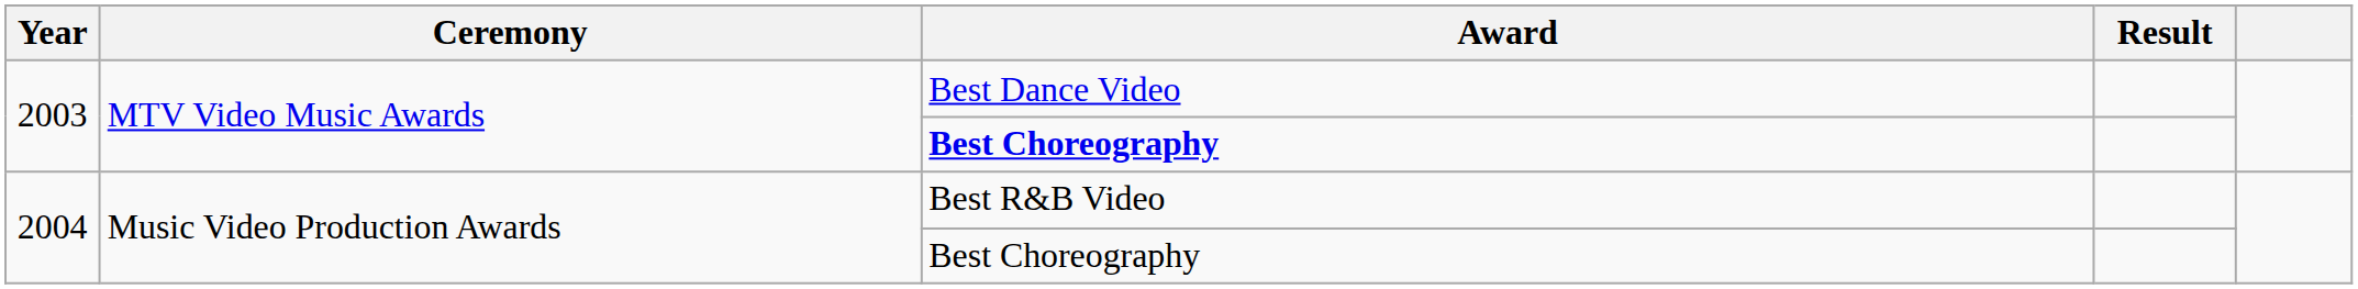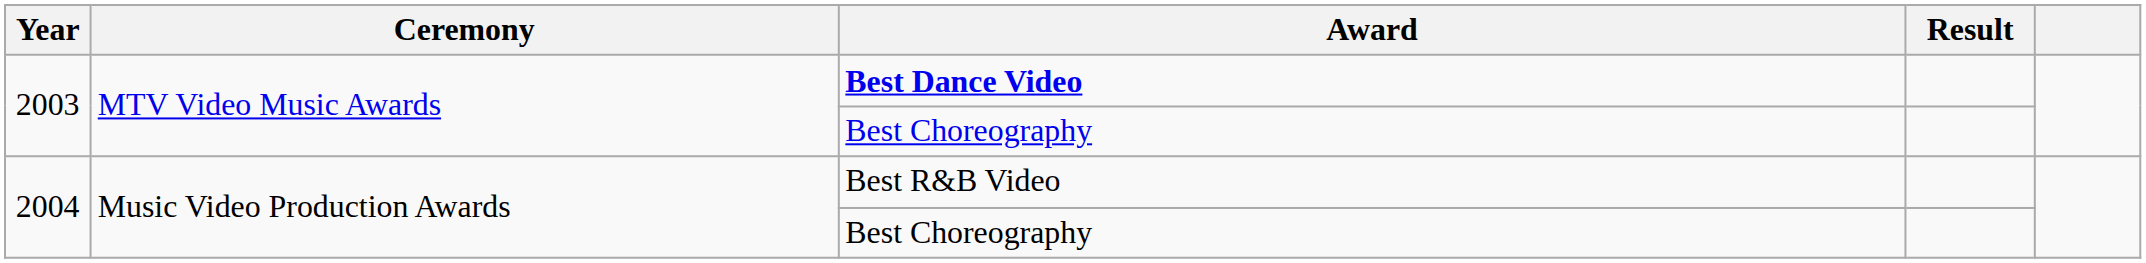 <table class="wikitable plainrowheaders" style="width:85%;">
 <tr>
 <th scope="col" style="width:4%;">Year</th>
 <th scope="col" style="width:35%;">Ceremony</th>
 <th scope="col" style="width:50%;">Award</th>
 <th scope="col" style="width:6%;">Result</th>
 <th scope="col" style="width:6%;"></th>
 </tr>
 <tr>
 <td rowspan="2" align="center">2003</td>
 <td rowspan="2"><a href='#'>MTV Video Music Awards</a></td>
-<td><a href='#'>Best Dance Video</a></td>
+<td><strong><a href='#'>Best Dance Video</a></strong></td>
 <td></td>
 <td rowspan="2"></td>
 </tr>
 <tr>
-<td><strong><a href='#'>Best Choreography</a></strong></td>
+<td><a href='#'>Best Choreography</a></td>
 <td></td>
 </tr>
 <tr>
 <td rowspan="2" align="center">2004</td>
 <td rowspan="2">Music Video Production Awards</td>
 <td>Best R&B Video</td>
 <td></td>
 <td rowspan="2"></td>
 </tr>
 <tr>
 <td>Best Choreography</td>
 <td></td>
 </tr>
 </table>
